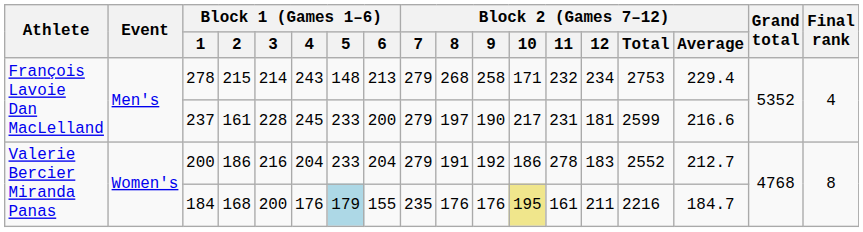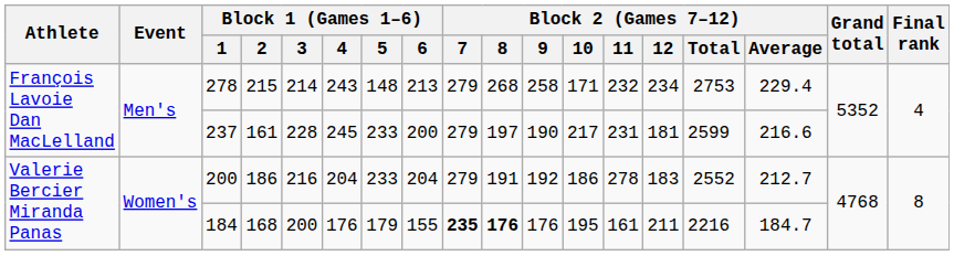 <table class="wikitable" style="font-size:90%">
 <tr>
 <th rowspan=2>Athlete</th>
 <th rowspan=2>Event</th>
 <th colspan=6>Block 1 (Games 1–6)</th>
 <th colspan=8>Block 2 (Games 7–12)</th>
 <th rowspan=2>Grand total</th>
 <th rowspan=2>Final rank</th>
 </tr>
 <tr>
 <th>1</th>
 <th>2</th>
 <th>3</th>
 <th>4</th>
 <th>5</th>
 <th>6</th>
 <th>7</th>
 <th>8</th>
 <th>9</th>
 <th>10</th>
 <th>11</th>
 <th>12</th>
 <th>Total</th>
 <th>Average</th>
 </tr>
 <tr align=center>
 <td align=left rowspan=2><a href='#'>François Lavoie</a><br><a href='#'>Dan MacLelland</a></td>
 <td align=left rowspan=2><a href='#'>Men's</a></td>
 <td>278</td>
 <td>215</td>
 <td>214</td>
 <td>243</td>
 <td>148</td>
 <td>213</td>
 <td>279</td>
 <td>268</td>
 <td>258</td>
 <td>171</td>
 <td>232</td>
 <td>234</td>
 <td>2753</td>
 <td>229.4</td>
 <td rowspan=2>5352</td>
 <td rowspan=2>4</td>
 </tr>
 <tr>
 <td>237</td>
 <td>161</td>
 <td>228</td>
 <td>245</td>
 <td>233</td>
 <td>200</td>
 <td>279</td>
 <td>197</td>
 <td>190</td>
 <td>217</td>
 <td>231</td>
 <td>181</td>
 <td>2599</td>
 <td align=center>216.6</td>
 </tr>
 <tr align=center>
 <td rowspan=2 align=left><a href='#'>Valerie Bercier</a><br><a href='#'>Miranda Panas</a></td>
 <td rowspan=2 align=left><a href='#'>Women's</a></td>
 <td>200</td>
 <td>186</td>
 <td>216</td>
 <td>204</td>
 <td>233</td>
 <td>204</td>
 <td>279</td>
 <td>191</td>
 <td>192</td>
 <td>186</td>
 <td>278</td>
 <td>183</td>
 <td>2552</td>
 <td align=center>212.7</td>
 <td rowspan=2>4768</td>
 <td rowspan=2>8</td>
 </tr>
 <tr>
 <td>184</td>
 <td>168</td>
 <td>200</td>
 <td>176</td>
-<td style="background: lightblue;">179</td>
+<td>179</td>
 <td>155</td>
-<td>235</td>
+<td><strong>235</strong></td>
+<td><strong>176</strong></td>
 <td>176</td>
-<td>176</td>
-<td style="background: khaki;">195</td>
+<td>195</td>
 <td>161</td>
 <td>211</td>
 <td>2216</td>
 <td align=center>184.7</td>
 </tr>
 </table>
